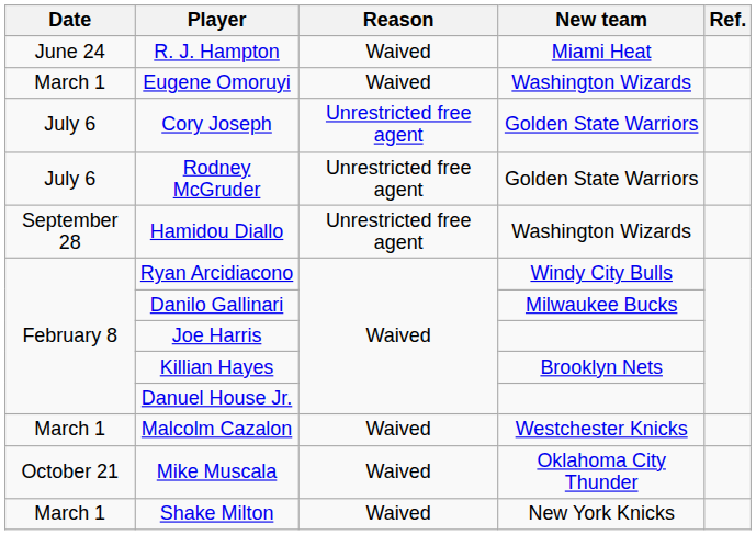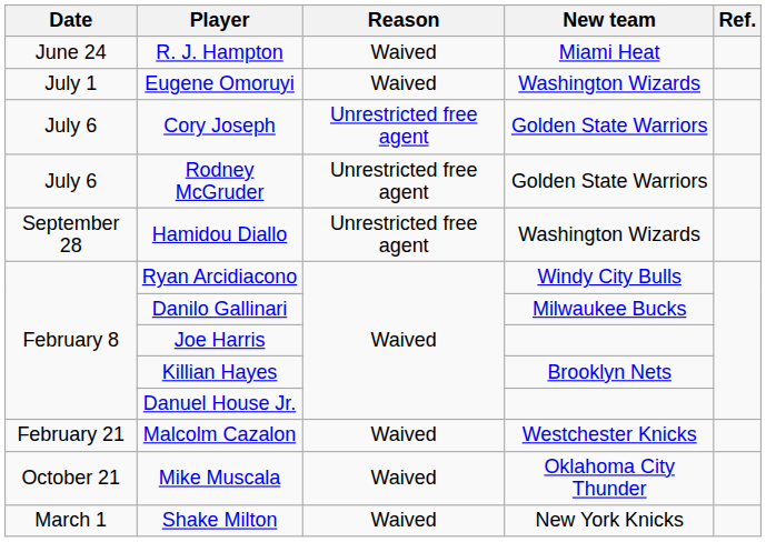 <table class="wikitable sortable sortable" style="text-align: center">
 <tr>
 <th>Date</th>
 <th>Player</th>
 <th>Reason</th>
 <th>New team</th>
 <th>Ref.</th>
 </tr>
 <tr>
 <td>June 24</td>
 <td><a href='#'>R. J. Hampton</a></td>
 <td>Waived</td>
 <td><a href='#'>Miami Heat</a></td>
 <td></td>
 </tr>
 <tr>
-<td>March 1</td>
+<td>July 1</td>
 <td><a href='#'>Eugene Omoruyi</a></td>
 <td>Waived</td>
 <td><a href='#'>Washington Wizards</a></td>
 <td></td>
 </tr>
 <tr>
 <td>July 6</td>
 <td><a href='#'>Cory Joseph</a></td>
 <td><a href='#'>Unrestricted free agent</a></td>
 <td><a href='#'>Golden State Warriors</a></td>
 <td></td>
 </tr>
 <tr>
 <td>July 6</td>
 <td><a href='#'>Rodney McGruder</a></td>
 <td>Unrestricted free agent</td>
 <td>Golden State Warriors</td>
 <td></td>
 </tr>
 <tr>
 <td>September 28</td>
 <td><a href='#'>Hamidou Diallo</a></td>
 <td>Unrestricted free agent</td>
 <td>Washington Wizards</td>
 <td></td>
 </tr>
 <tr style="text-align: center">
 <td rowspan="5">February 8</td>
 <td><a href='#'>Ryan Arcidiacono</a></td>
 <td rowspan="5">Waived</td>
 <td><a href='#'>Windy City Bulls</a></td>
 <td rowspan="5"></td>
 </tr>
 <tr style="text-align: center">
 <td><a href='#'>Danilo Gallinari</a></td>
 <td><a href='#'>Milwaukee Bucks</a></td>
 </tr>
 <tr style="text-align: center">
 <td><a href='#'>Joe Harris</a></td>
 <td></td>
 </tr>
 <tr style="text-align: center">
 <td><a href='#'>Killian Hayes</a></td>
 <td><a href='#'>Brooklyn Nets</a></td>
 </tr>
 <tr style="text-align: center">
 <td><a href='#'>Danuel House Jr.</a></td>
 <td></td>
 </tr>
 <tr>
-<td>March 1</td>
+<td>February 21</td>
 <td><a href='#'>Malcolm Cazalon</a></td>
 <td>Waived</td>
 <td><a href='#'>Westchester Knicks</a></td>
 <td></td>
 </tr>
 <tr>
 <td>October 21</td>
 <td><a href='#'>Mike Muscala</a></td>
 <td>Waived</td>
 <td><a href='#'>Oklahoma City Thunder</a></td>
 <td></td>
 </tr>
 <tr>
 <td>March 1</td>
 <td><a href='#'>Shake Milton</a></td>
 <td>Waived</td>
 <td>New York Knicks</td>
 <td></td>
 </tr>
 </table>
